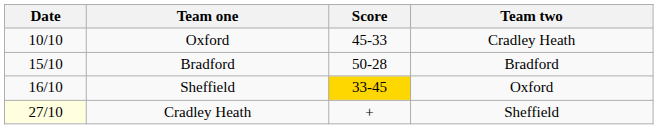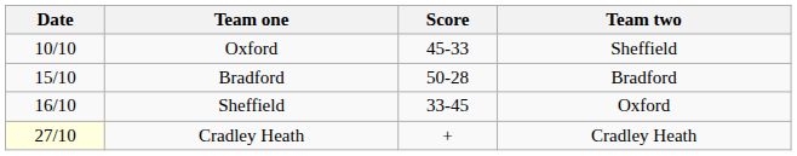 <table class="wikitable" style="text-align: center">
 <tr>
 <th width=80>Date</th>
 <th width=250>Team one</th>
 <th width=80>Score</th>
 <th width=250>Team two</th>
 </tr>
 <tr>
 <td>10/10</td>
 <td>Oxford</td>
 <td>45-33</td>
-<td>Cradley Heath</td>
+<td>Sheffield</td>
 </tr>
 <tr>
 <td>15/10</td>
 <td>Bradford</td>
 <td>50-28</td>
 <td>Bradford</td>
 </tr>
 <tr>
 <td>16/10</td>
 <td>Sheffield</td>
-<td style="background: gold;">33-45</td>
+<td>33-45</td>
 <td>Oxford</td>
 </tr>
 <tr>
 <td style="background: lightyellow;">27/10</td>
 <td>Cradley Heath</td>
 <td>+</td>
-<td>Sheffield</td>
+<td>Cradley Heath</td>
 </tr>
 </table>
